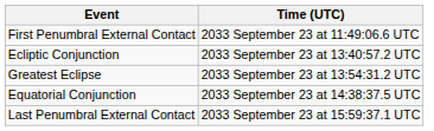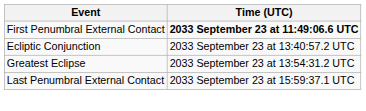 <table class="wikitable">
 <tr>
 <th>Event</th>
 <th>Time (UTC)</th>
 </tr>
 <tr>
 <td>First Penumbral External Contact</td>
-<td>2033 September 23 at 11:49:06.6 UTC</td>
+<td><strong>2033 September 23 at 11:49:06.6 UTC</strong></td>
 </tr>
 <tr>
 <td>Ecliptic Conjunction</td>
 <td>2033 September 23 at 13:40:57.2 UTC</td>
 </tr>
 <tr>
 <td>Greatest Eclipse</td>
 <td>2033 September 23 at 13:54:31.2 UTC</td>
 </tr>
 <tr>
-<td>Equatorial Conjunction</td>
-<td>2033 September 23 at 14:38:37.5 UTC</td>
-</tr>
-<tr>
 <td>Last Penumbral External Contact</td>
 <td>2033 September 23 at 15:59:37.1 UTC</td>
 </tr>
 </table>
